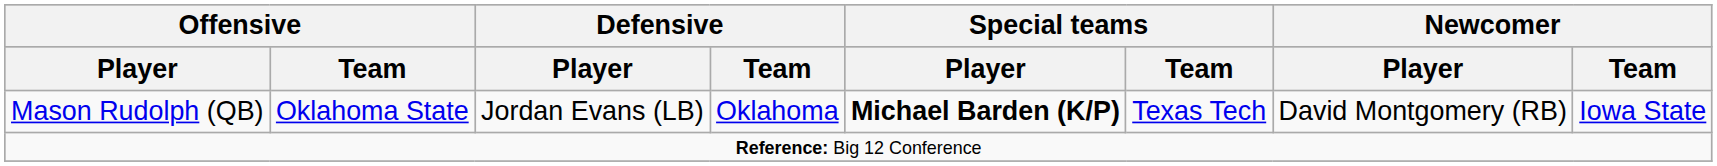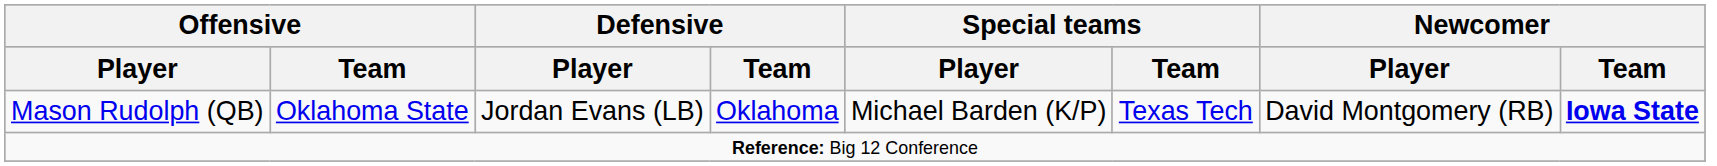 <table class="wikitable">
 <tr>
 <th colspan="2">Offensive</th>
 <th colspan="2">Defensive</th>
 <th colspan="2">Special teams</th>
 <th colspan="2">Newcomer</th>
 </tr>
 <tr>
 <th>Player</th>
 <th>Team</th>
 <th>Player</th>
 <th>Team</th>
 <th>Player</th>
 <th>Team</th>
 <th>Player</th>
 <th>Team</th>
 </tr>
 <tr>
 <td><a href='#'>Mason Rudolph</a> (QB)</td>
 <td><a href='#'>Oklahoma State</a></td>
 <td>Jordan Evans (LB)</td>
 <td><a href='#'>Oklahoma</a></td>
-<td><strong>Michael Barden (K/P)</strong></td>
+<td>Michael Barden (K/P)</td>
 <td><a href='#'>Texas Tech</a></td>
 <td>David Montgomery (RB)</td>
-<td><a href='#'>Iowa State</a></td>
+<td><strong><a href='#'>Iowa State</a></strong></td>
 </tr>
 <tr>
 <td colspan="12"  style="font-size:8pt; text-align:center;"><strong>Reference:</strong> Big 12 Conference</td>
 </tr>
 </table>
